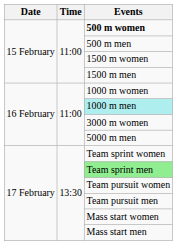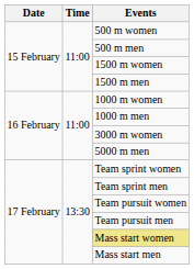 <table class="wikitable" border="1">
 <tr>
 <th>Date</th>
 <th>Time</th>
 <th>Events</th>
 </tr>
 <tr>
 <td rowspan=4>15 February</td>
 <td rowspan=4>11:00</td>
-<td><strong>500 m women</strong></td>
+<td>500 m women</td>
 </tr>
 <tr>
 <td>500 m men</td>
 </tr>
 <tr>
 <td>1500 m women</td>
 </tr>
 <tr>
 <td>1500 m men</td>
 </tr>
 <tr>
 <td rowspan=4>16 February</td>
 <td rowspan=4>11:00</td>
 <td>1000 m women</td>
 </tr>
 <tr>
-<td style="background: paleturquoise;">1000 m men</td>
+<td>1000 m men</td>
 </tr>
 <tr>
 <td>3000 m women</td>
 </tr>
 <tr>
 <td>5000 m men</td>
 </tr>
 <tr>
 <td rowspan=6>17 February</td>
 <td rowspan=6>13:30</td>
 <td>Team sprint women</td>
 </tr>
 <tr>
-<td style="background: lightgreen;">Team sprint men</td>
+<td>Team sprint men</td>
 </tr>
 <tr>
 <td>Team pursuit women</td>
 </tr>
 <tr>
 <td>Team pursuit men</td>
 </tr>
 <tr>
-<td>Mass start women</td>
+<td style="background: khaki;">Mass start women</td>
 </tr>
 <tr>
 <td>Mass start men</td>
 </tr>
 </table>
